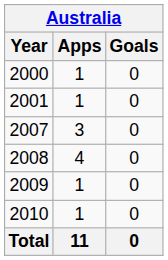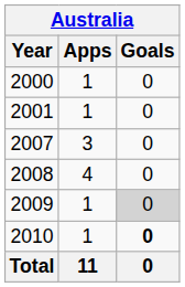 <table class="wikitable" style="text-align:center">
 <tr>
 <th colspan=3><a href='#'>Australia</a></th>
 </tr>
 <tr>
 <th>Year</th>
 <th>Apps</th>
 <th>Goals</th>
 </tr>
 <tr>
 <td>2000</td>
 <td>1</td>
 <td>0</td>
 </tr>
 <tr>
 <td>2001</td>
 <td>1</td>
 <td>0</td>
 </tr>
 <tr>
 <td>2007</td>
 <td>3</td>
 <td>0</td>
 </tr>
 <tr>
 <td>2008</td>
 <td>4</td>
 <td>0</td>
 </tr>
 <tr>
 <td>2009</td>
 <td>1</td>
-<td>0</td>
+<td style="background: lightgrey;">0</td>
 </tr>
 <tr>
 <td>2010</td>
 <td>1</td>
-<td>0</td>
+<td><strong>0</strong></td>
 </tr>
 <tr>
 <th>Total</th>
 <th>11</th>
 <th>0</th>
 </tr>
 </table>
